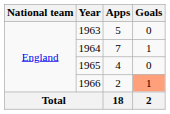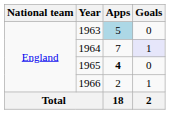 <table class="wikitable" style="text-align:center">
 <tr>
 <th>National team</th>
 <th>Year</th>
 <th>Apps</th>
 <th>Goals</th>
 </tr>
 <tr>
 <td rowspan="4"><a href='#'>England</a></td>
 <td>1963</td>
-<td>5</td>
+<td style="background: lightblue;">5</td>
 <td>0</td>
 </tr>
 <tr>
 <td>1964</td>
 <td>7</td>
-<td>1</td>
+<td style="background: lavender;">1</td>
 </tr>
 <tr>
 <td>1965</td>
-<td>4</td>
+<td><strong>4</strong></td>
 <td>0</td>
 </tr>
 <tr>
 <td>1966</td>
 <td>2</td>
-<td style="background: lightsalmon;">1</td>
+<td>1</td>
 </tr>
 <tr>
 <th colspan="2">Total</th>
 <th>18</th>
 <th>2</th>
 </tr>
 </table>
